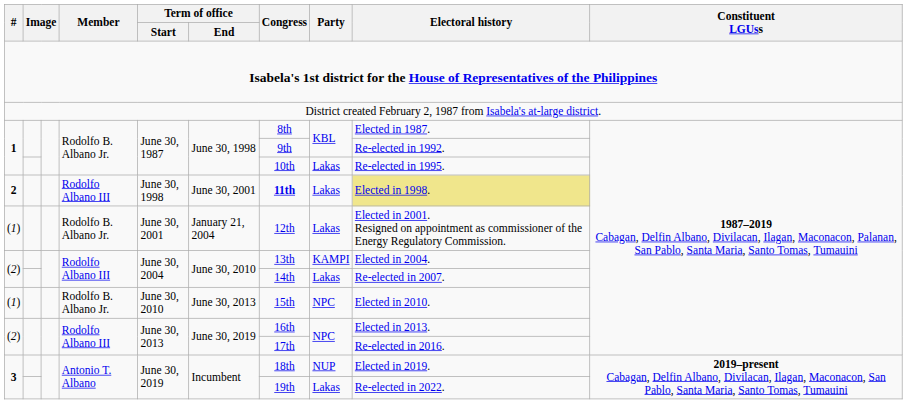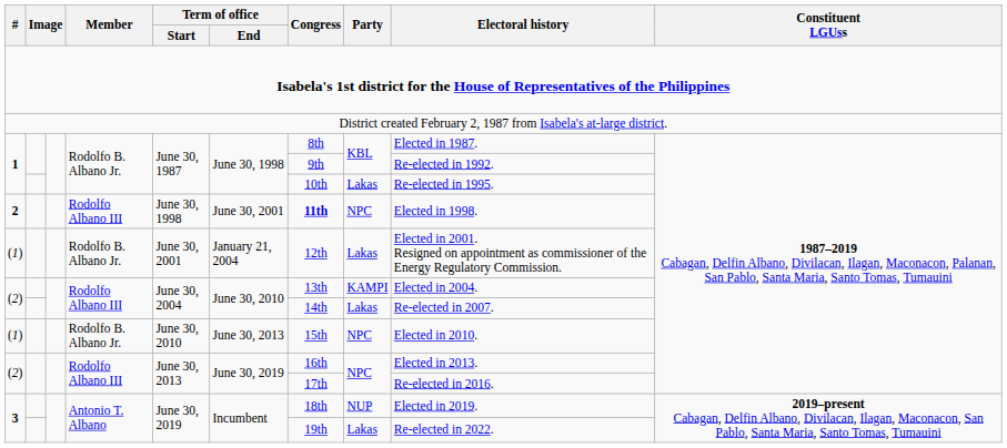 <table class=wikitable>
 <tr>
 <th rowspan="2">#</th>
 <th rowspan="2" colspan=2>Image</th>
 <th rowspan="2">Member</th>
 <th colspan=2>Term of office</th>
 <th rowspan="2">Congress</th>
 <th rowspan="2">Party</th>
 <th rowspan="2">Electoral history</th>
 <th rowspan="2">Constituent<br><a href='#'>LGUs</a>s</th>
 </tr>
 <tr>
 <th>Start</th>
 <th>End</th>
 </tr>
 <tr>
 <td colspan="10" style="text-align:center;"><br><h3>Isabela's 1st district for the <a href='#'>House of Representatives of the Philippines</a></h3></td>
 </tr>
 <tr>
 <td colspan="10" style="text-align:center;">District created February 2, 1987 from <a href='#'>Isabela's at-large district</a>.</td>
 </tr>
 <tr>
 <td rowspan="3" style="text-align:center;"><strong>1</strong></td>
 <td rowspan="2" style="color:inherit;background:"></td>
 <td rowspan="3"></td>
 <td rowspan="3">Rodolfo B. Albano Jr.</td>
 <td rowspan="3">June 30, 1987</td>
 <td rowspan="3">June 30, 1998</td>
 <td style="text-align:center;"><a href='#'>8th</a></td>
 <td rowspan="2"><a href='#'>KBL</a></td>
 <td><a href='#'>Elected in 1987</a>.</td>
 <td rowspan="10" style="text-align:center;"><strong>1987–2019</strong><br><a href='#'>Cabagan</a>, <a href='#'>Delfin Albano</a>, <a href='#'>Divilacan</a>, <a href='#'>Ilagan</a>, <a href='#'>Maconacon</a>, <a href='#'>Palanan</a>, <a href='#'>San Pablo</a>, <a href='#'>Santa Maria</a>, <a href='#'>Santo Tomas</a>, <a href='#'>Tumauini</a></td>
 </tr>
 <tr>
 <td style="text-align:center;"><a href='#'>9th</a></td>
 <td><a href='#'>Re-elected in 1992</a>.</td>
 </tr>
 <tr>
 <td style="color:inherit;background:"></td>
 <td style="text-align:center;"><a href='#'>10th</a></td>
 <td><a href='#'>Lakas</a></td>
 <td><a href='#'>Re-elected in 1995</a>.</td>
 </tr>
 <tr>
 <td style="text-align:center;"><strong>2</strong></td>
 <td style="color:inherit;background:"></td>
 <td></td>
 <td><a href='#'>Rodolfo Albano III</a></td>
 <td>June 30, 1998</td>
 <td>June 30, 2001</td>
 <td style="text-align:center;"><strong><a href='#'>11th</a></strong></td>
-<td><a href='#'>Lakas</a></td>
-<td style="background: khaki;"><a href='#'>Elected in 1998</a>.</td>
+<td><a href='#'>NPC</a></td>
+<td><a href='#'>Elected in 1998</a>.</td>
 </tr>
 <tr>
 <td style="text-align:center;">(<em>1</em>)</td>
 <td style="color:inherit;background:"></td>
 <td></td>
 <td>Rodolfo B. Albano Jr.</td>
 <td>June 30, 2001</td>
 <td>January 21, 2004</td>
 <td style="text-align:center;"><a href='#'>12th</a></td>
 <td><a href='#'>Lakas</a></td>
 <td><a href='#'>Elected in 2001</a>.<br>Resigned on appointment as commissioner of the Energy Regulatory Commission.</td>
 </tr>
 <tr>
 <td rowspan="2" style="text-align:center;">(<em>2</em>)</td>
 <td style="color:inherit;background:"></td>
 <td rowspan="2"></td>
 <td rowspan="2"><a href='#'>Rodolfo Albano III</a></td>
 <td rowspan="2">June 30, 2004</td>
 <td rowspan="2">June 30, 2010</td>
 <td style="text-align:center;"><a href='#'>13th</a></td>
 <td><a href='#'>KAMPI</a></td>
 <td><a href='#'>Elected in 2004</a>.</td>
 </tr>
 <tr>
 <td style="color:inherit;background:"></td>
 <td style="text-align:center;"><a href='#'>14th</a></td>
 <td><a href='#'>Lakas</a></td>
 <td><a href='#'>Re-elected in 2007</a>.</td>
 </tr>
 <tr>
 <td style="text-align:center;">(<em>1</em>)</td>
 <td style="color:inherit;background:"></td>
 <td></td>
 <td>Rodolfo B. Albano Jr.</td>
 <td>June 30, 2010</td>
 <td>June 30, 2013</td>
 <td style="text-align:center;"><a href='#'>15th</a></td>
 <td><a href='#'>NPC</a></td>
 <td><a href='#'>Elected in 2010</a>.</td>
 </tr>
 <tr>
 <td rowspan="2" style="text-align:center;">(<em>2</em>)</td>
 <td rowspan="2" style="color:inherit;background:"></td>
 <td rowspan="2"></td>
 <td rowspan="2"><a href='#'>Rodolfo Albano III</a></td>
 <td rowspan="2">June 30, 2013</td>
 <td rowspan="2">June 30, 2019</td>
 <td style="text-align:center;"><a href='#'>16th</a></td>
 <td rowspan="2"><a href='#'>NPC</a></td>
 <td><a href='#'>Elected in 2013</a>.</td>
 </tr>
 <tr>
 <td style="text-align:center;"><a href='#'>17th</a></td>
 <td><a href='#'>Re-elected in 2016</a>.</td>
 </tr>
 <tr>
 <td rowspan="2" style="text-align:center;"><strong>3</strong></td>
 <td style="color:inherit;background:"></td>
 <td rowspan="2"></td>
 <td rowspan="2"><a href='#'>Antonio T. Albano</a></td>
 <td rowspan="2">June 30, 2019</td>
 <td rowspan="2">Incumbent</td>
 <td style="text-align:center;"><a href='#'>18th</a></td>
 <td><a href='#'>NUP</a></td>
 <td><a href='#'>Elected in 2019</a>.</td>
 <td rowspan="2" style="text-align:center;"><strong>2019–present</strong><br><a href='#'>Cabagan</a>, <a href='#'>Delfin Albano</a>, <a href='#'>Divilacan</a>, <a href='#'>Ilagan</a>, <a href='#'>Maconacon</a>, <a href='#'>San Pablo</a>, <a href='#'>Santa Maria</a>, <a href='#'>Santo Tomas</a>, <a href='#'>Tumauini</a></td>
 </tr>
 <tr>
 <td style="color:inherit;background:"></td>
 <td style="text-align:center;"><a href='#'>19th</a></td>
 <td><a href='#'>Lakas</a></td>
 <td><a href='#'>Re-elected in 2022</a>.</td>
 </tr>
 </table>
